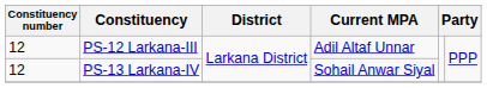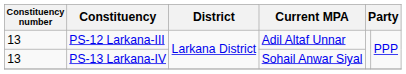 <table class="wikitable">
 <tr>
 <th width="50px" style="font-size:75%">Constituency number</th>
 <th>Constituency</th>
 <th>District</th>
 <th>Current MPA</th>
 <th colspan="2">Party</th>
 </tr>
 <tr>
-<td>12</td>
+<td>13</td>
 <td><a href='#'>PS-12 Larkana-III</a></td>
 <td rowspan="2"><a href='#'>Larkana District</a></td>
 <td><a href='#'>Adil Altaf Unnar</a></td>
 <td rowspan="2"></td>
 <td rowspan="2"><a href='#'>PPP</a></td>
 </tr>
 <tr>
-<td>12</td>
+<td>13</td>
 <td><a href='#'>PS-13 Larkana-IV</a></td>
 <td><a href='#'>Sohail Anwar Siyal</a></td>
 </tr>
 <tr>
 </tr>
 </table>
